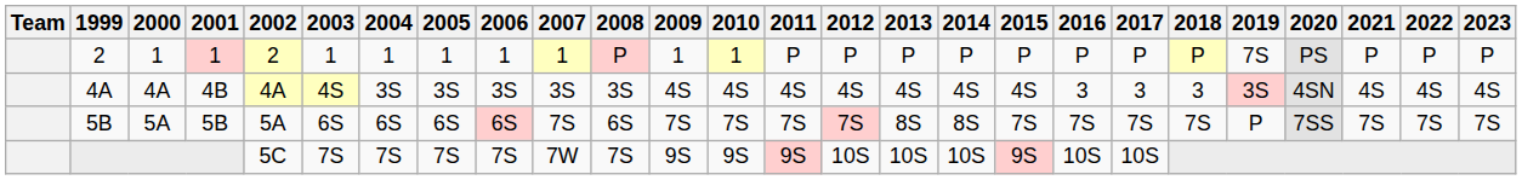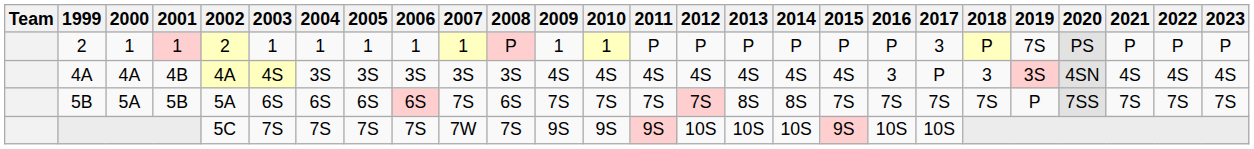 <table class="wikitable" style="font-size:85%; text-align:center;">
 <tr>
 <th scope="col">Team</th>
 <th scope="col">1999</th>
 <th scope="col">2000</th>
 <th scope="col">2001</th>
 <th scope="col">2002</th>
 <th scope="col">2003</th>
 <th scope="col">2004</th>
 <th scope="col">2005</th>
 <th scope="col">2006</th>
 <th scope="col">2007</th>
 <th scope="col">2008</th>
 <th scope="col">2009</th>
 <th scope="col">2010</th>
 <th scope="col">2011</th>
 <th scope="col">2012</th>
 <th scope="col">2013</th>
 <th scope="col">2014</th>
 <th scope="col">2015</th>
 <th scope="col">2016</th>
 <th scope="col">2017</th>
 <th scope="col">2018</th>
 <th scope="col">2019</th>
 <th scope="col">2020</th>
 <th scope="col">2021</th>
 <th scope="col">2022</th>
 <th scope="col">2023</th>
 </tr>
 <tr>
 <th scope="row"></th>
 <td>2</td>
 <td>1</td>
 <td bgcolor="#ffcfcf">1</td>
 <td bgcolor="#ffffbf">2</td>
 <td>1</td>
 <td>1</td>
 <td>1</td>
 <td>1</td>
 <td bgcolor="#ffffbf">1</td>
 <td bgcolor="#ffcfcf">P</td>
 <td>1</td>
 <td bgcolor="#ffffbf">1</td>
 <td>P</td>
 <td>P</td>
 <td>P</td>
 <td>P</td>
 <td>P</td>
 <td>P</td>
-<td>P</td>
+<td>3</td>
 <td bgcolor="#ffffbf">P</td>
 <td>7S</td>
 <td bgcolor="#e2e2e2">PS</td>
 <td>P</td>
 <td>P</td>
 <td>P</td>
 </tr>
 <tr>
 <th scope="row"></th>
 <td>4A</td>
 <td>4A</td>
 <td>4B</td>
 <td bgcolor="#ffffbf">4A</td>
 <td bgcolor="#ffffbf">4S</td>
 <td>3S</td>
 <td>3S</td>
 <td>3S</td>
 <td>3S</td>
 <td>3S</td>
 <td>4S</td>
 <td>4S</td>
 <td>4S</td>
 <td>4S</td>
 <td>4S</td>
 <td>4S</td>
 <td>4S</td>
 <td>3</td>
-<td>3</td>
+<td>P</td>
 <td>3</td>
 <td bgcolor="#ffcfcf">3S</td>
 <td bgcolor="#e2e2e2">4SN</td>
 <td>4S</td>
 <td>4S</td>
 <td>4S</td>
 </tr>
 <tr>
 <th scope="row"></th>
 <td>5B</td>
 <td>5A</td>
 <td>5B</td>
 <td>5A</td>
 <td>6S</td>
 <td>6S</td>
 <td>6S</td>
 <td bgcolor="#ffcfcf">6S</td>
 <td>7S</td>
 <td>6S</td>
 <td>7S</td>
 <td>7S</td>
 <td>7S</td>
 <td bgcolor="#ffcfcf">7S</td>
 <td>8S</td>
 <td>8S</td>
 <td>7S</td>
 <td>7S</td>
 <td>7S</td>
 <td>7S</td>
 <td>P</td>
 <td bgcolor="#e2e2e2">7SS</td>
 <td>7S</td>
 <td>7S</td>
 <td>7S</td>
 </tr>
 <tr>
 <th scope="row"></th>
 <td bgcolor="#ececec" colspan="3"></td>
 <td>5C</td>
 <td>7S</td>
 <td>7S</td>
 <td>7S</td>
 <td>7S</td>
 <td>7W</td>
 <td>7S</td>
 <td>9S</td>
 <td>9S</td>
 <td bgcolor="#ffcfcf">9S</td>
 <td>10S</td>
 <td>10S</td>
 <td>10S</td>
 <td bgcolor="#ffcfcf">9S</td>
 <td>10S</td>
 <td>10S</td>
 <td bgcolor="#ececec" colspan="6"></td>
 </tr>
 </table>
